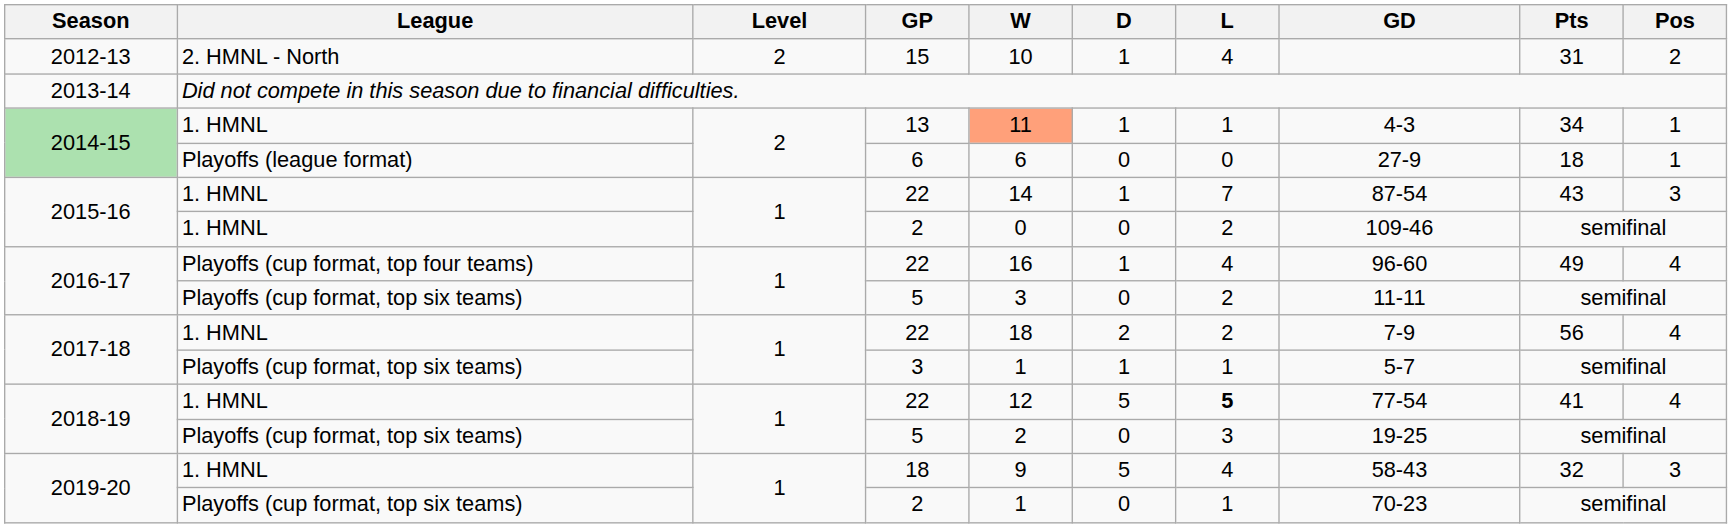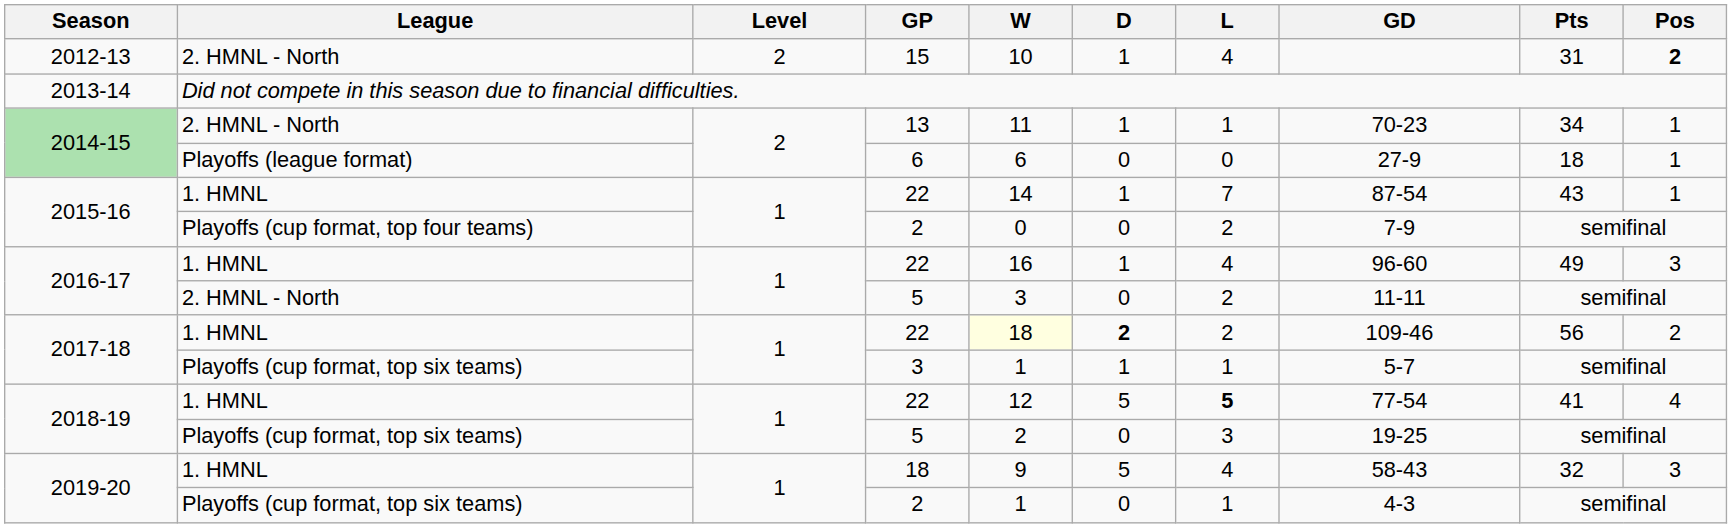 <table class="wikitable" style="width:80%; text-align:center;">
 <tr>
 <th width="10%">Season</th>
 <th width="30%">League</th>
 <th width="10%">Level</th>
 <th width="6%">GP</th>
 <th width="6%">W</th>
 <th width="6%">D</th>
 <th width="6%">L</th>
 <th width="14%">GD</th>
 <th width="6%">Pts</th>
 <th width="6%">Pos</th>
 </tr>
 <tr>
 <td>2012-13</td>
 <td style="text-align:left;">2. HMNL - North</td>
 <td>2</td>
 <td>15</td>
 <td>10</td>
 <td>1</td>
 <td>4</td>
 <td></td>
 <td>31</td>
-<td>2</td>
+<td><strong>2</strong></td>
 </tr>
 <tr>
 <td>2013-14</td>
 <td style="text-align:left;" colspan="9"><em>Did not compete in this season due to financial difficulties.</em></td>
 </tr>
 <tr>
 <td rowspan="2" bgcolor="#ACE1AF">2014-15</td>
-<td style="text-align:left;">1. HMNL</td>
+<td style="text-align:left;">2. HMNL - North</td>
 <td rowspan=2>2</td>
 <td>13</td>
-<td style="background: lightsalmon;">11</td>
+<td>11</td>
 <td>1</td>
 <td>1</td>
-<td>4-3</td>
+<td>70-23</td>
 <td>34</td>
 <td>1</td>
 </tr>
 <tr>
 <td style="text-align:left;">Playoffs (league format)</td>
 <td>6</td>
 <td>6</td>
 <td>0</td>
 <td>0</td>
 <td>27-9</td>
 <td>18</td>
 <td>1</td>
 </tr>
 <tr>
 <td rowspan=2>2015-16</td>
 <td style="text-align:left;">1. HMNL</td>
 <td rowspan=2>1</td>
 <td>22</td>
 <td>14</td>
 <td>1</td>
 <td>7</td>
 <td>87-54</td>
 <td>43</td>
-<td>3</td>
+<td>1</td>
 </tr>
 <tr>
-<td style="text-align:left;">1. HMNL</td>
+<td style="text-align:left;">Playoffs (cup format, top four teams)</td>
 <td>2</td>
 <td>0</td>
 <td>0</td>
 <td>2</td>
-<td>109-46</td>
+<td>7-9</td>
 <td colspan=2>semifinal</td>
 </tr>
 <tr>
 <td rowspan=2>2016-17</td>
-<td style="text-align:left;">Playoffs (cup format, top four teams)</td>
+<td style="text-align:left;">1. HMNL</td>
 <td rowspan=2>1</td>
 <td>22</td>
 <td>16</td>
 <td>1</td>
 <td>4</td>
 <td>96-60</td>
 <td>49</td>
-<td>4</td>
+<td>3</td>
 </tr>
 <tr>
-<td style="text-align:left;">Playoffs (cup format, top six teams)</td>
+<td style="text-align:left;">2. HMNL - North</td>
 <td>5</td>
 <td>3</td>
 <td>0</td>
 <td>2</td>
 <td>11-11</td>
 <td colspan=2>semifinal</td>
 </tr>
 <tr>
 <td rowspan=2>2017-18</td>
 <td style="text-align:left;">1. HMNL</td>
 <td rowspan=2>1</td>
 <td>22</td>
-<td>18</td>
+<td style="background: lightyellow;">18</td>
+<td><strong>2</strong></td>
 <td>2</td>
+<td>109-46</td>
+<td>56</td>
 <td>2</td>
-<td>7-9</td>
-<td>56</td>
-<td>4</td>
 </tr>
 <tr>
 <td style="text-align:left;">Playoffs (cup format, top six teams)</td>
 <td>3</td>
 <td>1</td>
 <td>1</td>
 <td>1</td>
 <td>5-7</td>
 <td colspan=2>semifinal</td>
 </tr>
 <tr>
 <td rowspan=2>2018-19</td>
 <td style="text-align:left;">1. HMNL</td>
 <td rowspan=2>1</td>
 <td>22</td>
 <td>12</td>
 <td>5</td>
 <td><strong>5</strong></td>
 <td>77-54</td>
 <td>41</td>
 <td>4</td>
 </tr>
 <tr>
 <td style="text-align:left;">Playoffs (cup format, top six teams)</td>
 <td>5</td>
 <td>2</td>
 <td>0</td>
 <td>3</td>
 <td>19-25</td>
 <td colspan=2>semifinal</td>
 </tr>
 <tr>
 <td rowspan=2>2019-20</td>
 <td style="text-align:left;">1. HMNL</td>
 <td rowspan=2>1</td>
 <td>18</td>
 <td>9</td>
 <td>5</td>
 <td>4</td>
 <td>58-43</td>
 <td>32</td>
 <td>3</td>
 </tr>
 <tr>
 <td style="text-align:left;">Playoffs (cup format, top six teams)</td>
 <td>2</td>
 <td>1</td>
 <td>0</td>
 <td>1</td>
-<td>70-23</td>
+<td>4-3</td>
 <td colspan=2>semifinal</td>
 </tr>
 </table>
